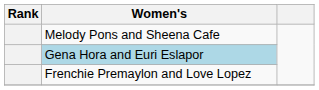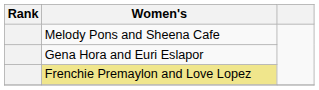 <table class="wikitable" style="text-align: center;">
 <tr>
 <th width=40>Rank</th>
 <th width=290>Women's</th>
 <th width=40></th>
 </tr>
 <tr>
 <th></th>
 <td style="text-align:left;">Melody Pons and Sheena Cafe </td>
 <td rowspan=3></td>
 </tr>
 <tr>
 <th></th>
-<td style="background: lightblue; text-align:left;">Gena Hora and Euri Eslapor </td>
+<td style="text-align:left;">Gena Hora and Euri Eslapor </td>
 </tr>
 <tr>
 <th></th>
-<td style="text-align:left;">Frenchie Premaylon and Love Lopez </td>
+<td style="background: khaki; text-align:left;">Frenchie Premaylon and Love Lopez </td>
 </tr>
 <tr>
 </tr>
 </table>
